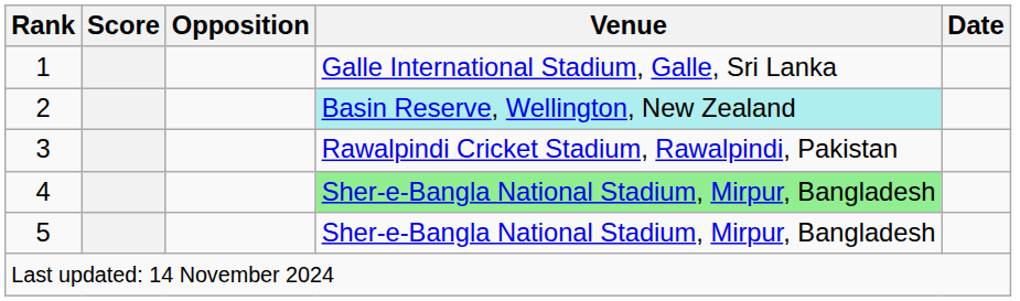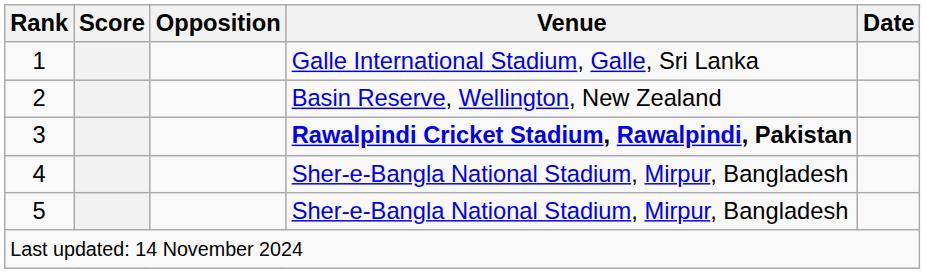 <table class="wikitable plainrowheaders sortable">
 <tr>
 <th scope=col>Rank</th>
 <th scope=col>Score</th>
 <th scope=col>Opposition</th>
 <th scope=col>Venue</th>
 <th scope=col>Date</th>
 </tr>
 <tr>
 <td align=center>1</td>
 <th scope=row style=text-align:center;></th>
 <td></td>
 <td><a href='#'>Galle International Stadium</a>, <a href='#'>Galle</a>, Sri Lanka</td>
 <td></td>
 </tr>
 <tr>
 <td align=center>2</td>
 <th scope=row style=text-align:center;></th>
 <td></td>
-<td style="background: paleturquoise;"><a href='#'>Basin Reserve</a>, <a href='#'>Wellington</a>, New Zealand</td>
+<td><a href='#'>Basin Reserve</a>, <a href='#'>Wellington</a>, New Zealand</td>
 <td></td>
 </tr>
 <tr>
 <td align=center>3</td>
 <th scope=row style=text-align:center;></th>
 <td></td>
-<td><a href='#'>Rawalpindi Cricket Stadium</a>, <a href='#'>Rawalpindi</a>, Pakistan</td>
+<td><strong><a href='#'>Rawalpindi Cricket Stadium</a>, <a href='#'>Rawalpindi</a>, Pakistan</strong></td>
 <td></td>
 </tr>
 <tr>
 <td align=center>4</td>
 <th scope=row style=text-align:center;></th>
 <td></td>
-<td style="background: lightgreen;"><a href='#'>Sher-e-Bangla National Stadium</a>, <a href='#'>Mirpur</a>, Bangladesh</td>
+<td><a href='#'>Sher-e-Bangla National Stadium</a>, <a href='#'>Mirpur</a>, Bangladesh</td>
 <td></td>
 </tr>
 <tr>
 <td align=center>5</td>
 <th scope=row style=text-align:center;></th>
 <td></td>
 <td><a href='#'>Sher-e-Bangla National Stadium</a>, <a href='#'>Mirpur</a>, Bangladesh</td>
 <td></td>
 </tr>
 <tr class=sortbottom>
 <td colspan=5><small>Last updated: 14 November 2024</small></td>
 </tr>
 </table>
